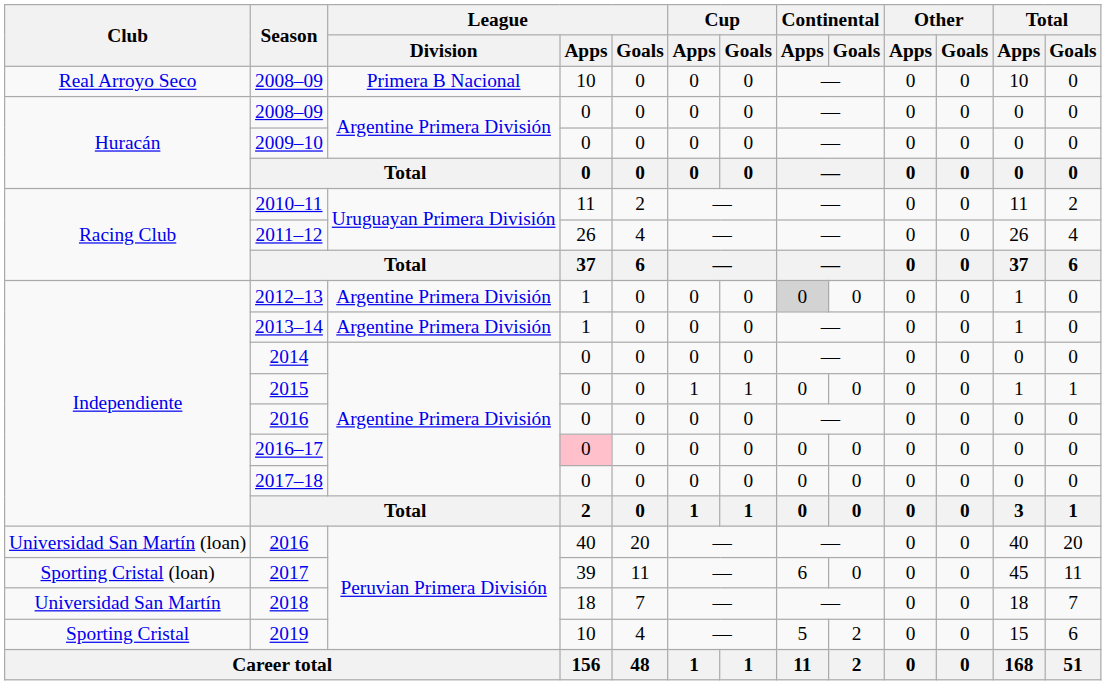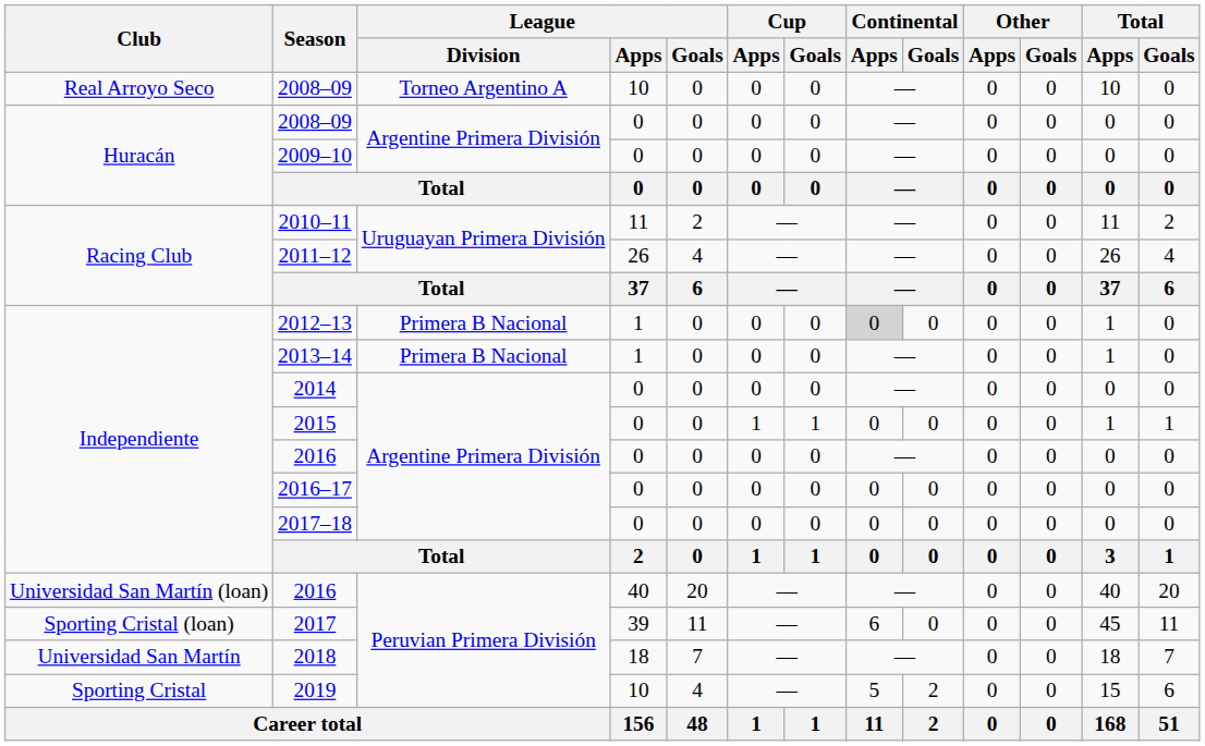 <table class="wikitable" style="text-align:center">
 <tr>
 <th rowspan="2">Club</th>
 <th rowspan="2">Season</th>
 <th colspan="3">League</th>
 <th colspan="2">Cup</th>
 <th colspan="2">Continental</th>
 <th colspan="2">Other</th>
 <th colspan="2">Total</th>
 </tr>
 <tr>
 <th>Division</th>
 <th>Apps</th>
 <th>Goals</th>
 <th>Apps</th>
 <th>Goals</th>
 <th>Apps</th>
 <th>Goals</th>
 <th>Apps</th>
 <th>Goals</th>
 <th>Apps</th>
 <th>Goals</th>
 </tr>
 <tr>
 <td rowspan="1"><a href='#'>Real Arroyo Seco</a></td>
 <td><a href='#'>2008–09</a></td>
-<td rowspan="1"><a href='#'>Primera B Nacional</a></td>
+<td rowspan="1"><a href='#'>Torneo Argentino A</a></td>
 <td>10</td>
 <td>0</td>
 <td>0</td>
 <td>0</td>
 <td colspan="2">—</td>
 <td>0</td>
 <td>0</td>
 <td>10</td>
 <td>0</td>
 </tr>
 <tr>
 <td rowspan="3"><a href='#'>Huracán</a></td>
 <td><a href='#'>2008–09</a></td>
 <td rowspan="2"><a href='#'>Argentine Primera División</a></td>
 <td>0</td>
 <td>0</td>
 <td>0</td>
 <td>0</td>
 <td colspan="2">—</td>
 <td>0</td>
 <td>0</td>
 <td>0</td>
 <td>0</td>
 </tr>
 <tr>
 <td><a href='#'>2009–10</a></td>
 <td>0</td>
 <td>0</td>
 <td>0</td>
 <td>0</td>
 <td colspan="2">—</td>
 <td>0</td>
 <td>0</td>
 <td>0</td>
 <td>0</td>
 </tr>
 <tr>
 <th colspan="2">Total</th>
 <th>0</th>
 <th>0</th>
 <th>0</th>
 <th>0</th>
 <th colspan="2">—</th>
 <th>0</th>
 <th>0</th>
 <th>0</th>
 <th>0</th>
 </tr>
 <tr>
 <td rowspan="3"><a href='#'>Racing Club</a></td>
 <td><a href='#'>2010–11</a></td>
 <td rowspan="2"><a href='#'>Uruguayan Primera División</a></td>
 <td>11</td>
 <td>2</td>
 <td colspan="2">—</td>
 <td colspan="2">—</td>
 <td>0</td>
 <td>0</td>
 <td>11</td>
 <td>2</td>
 </tr>
 <tr>
 <td><a href='#'>2011–12</a></td>
 <td>26</td>
 <td>4</td>
 <td colspan="2">—</td>
 <td colspan="2">—</td>
 <td>0</td>
 <td>0</td>
 <td>26</td>
 <td>4</td>
 </tr>
 <tr>
 <th colspan="2">Total</th>
 <th>37</th>
 <th>6</th>
 <th colspan="2">—</th>
 <th colspan="2">—</th>
 <th>0</th>
 <th>0</th>
 <th>37</th>
 <th>6</th>
 </tr>
 <tr>
 <td rowspan="8"><a href='#'>Independiente</a></td>
 <td><a href='#'>2012–13</a></td>
-<td rowspan="1"><a href='#'>Argentine Primera División</a></td>
+<td rowspan="1"><a href='#'>Primera B Nacional</a></td>
 <td>1</td>
 <td>0</td>
 <td>0</td>
 <td>0</td>
 <td style="background: lightgrey;">0</td>
 <td>0</td>
 <td>0</td>
 <td>0</td>
 <td>1</td>
 <td>0</td>
 </tr>
 <tr>
 <td><a href='#'>2013–14</a></td>
-<td rowspan="1"><a href='#'>Argentine Primera División</a></td>
+<td rowspan="1"><a href='#'>Primera B Nacional</a></td>
 <td>1</td>
 <td>0</td>
 <td>0</td>
 <td>0</td>
 <td colspan="2">—</td>
 <td>0</td>
 <td>0</td>
 <td>1</td>
 <td>0</td>
 </tr>
 <tr>
 <td><a href='#'>2014</a></td>
 <td rowspan="5"><a href='#'>Argentine Primera División</a></td>
 <td>0</td>
 <td>0</td>
 <td>0</td>
 <td>0</td>
 <td colspan="2">—</td>
 <td>0</td>
 <td>0</td>
 <td>0</td>
 <td>0</td>
 </tr>
 <tr>
 <td><a href='#'>2015</a></td>
 <td>0</td>
 <td>0</td>
 <td>1</td>
 <td>1</td>
 <td>0</td>
 <td>0</td>
 <td>0</td>
 <td>0</td>
 <td>1</td>
 <td>1</td>
 </tr>
 <tr>
 <td><a href='#'>2016</a></td>
 <td>0</td>
 <td>0</td>
 <td>0</td>
 <td>0</td>
 <td colspan="2">—</td>
 <td>0</td>
 <td>0</td>
 <td>0</td>
 <td>0</td>
 </tr>
 <tr>
 <td><a href='#'>2016–17</a></td>
-<td style="background: pink;">0</td>
+<td>0</td>
 <td>0</td>
 <td>0</td>
 <td>0</td>
 <td>0</td>
 <td>0</td>
 <td>0</td>
 <td>0</td>
 <td>0</td>
 <td>0</td>
 </tr>
 <tr>
 <td><a href='#'>2017–18</a></td>
 <td>0</td>
 <td>0</td>
 <td>0</td>
 <td>0</td>
 <td>0</td>
 <td>0</td>
 <td>0</td>
 <td>0</td>
 <td>0</td>
 <td>0</td>
 </tr>
 <tr>
 <th colspan="2">Total</th>
 <th>2</th>
 <th>0</th>
 <th>1</th>
 <th>1</th>
 <th>0</th>
 <th>0</th>
 <th>0</th>
 <th>0</th>
 <th>3</th>
 <th>1</th>
 </tr>
 <tr>
 <td rowspan="1"><a href='#'>Universidad San Martín</a> (loan)</td>
 <td><a href='#'>2016</a></td>
 <td rowspan="4"><a href='#'>Peruvian Primera División</a></td>
 <td>40</td>
 <td>20</td>
 <td colspan="2">—</td>
 <td colspan="2">—</td>
 <td>0</td>
 <td>0</td>
 <td>40</td>
 <td>20</td>
 </tr>
 <tr>
 <td rowspan="1"><a href='#'>Sporting Cristal</a> (loan)</td>
 <td><a href='#'>2017</a></td>
 <td>39</td>
 <td>11</td>
 <td colspan="2">—</td>
 <td>6</td>
 <td>0</td>
 <td>0</td>
 <td>0</td>
 <td>45</td>
 <td>11</td>
 </tr>
 <tr>
 <td rowspan="1"><a href='#'>Universidad San Martín</a></td>
 <td><a href='#'>2018</a></td>
 <td>18</td>
 <td>7</td>
 <td colspan="2">—</td>
 <td colspan="2">—</td>
 <td>0</td>
 <td>0</td>
 <td>18</td>
 <td>7</td>
 </tr>
 <tr>
 <td rowspan="1"><a href='#'>Sporting Cristal</a></td>
 <td><a href='#'>2019</a></td>
 <td>10</td>
 <td>4</td>
 <td colspan="2">—</td>
 <td>5</td>
 <td>2</td>
 <td>0</td>
 <td>0</td>
 <td>15</td>
 <td>6</td>
 </tr>
 <tr>
 <th colspan="3">Career total</th>
 <th>156</th>
 <th>48</th>
 <th>1</th>
 <th>1</th>
 <th>11</th>
 <th>2</th>
 <th>0</th>
 <th>0</th>
 <th>168</th>
 <th>51</th>
 </tr>
 </table>
